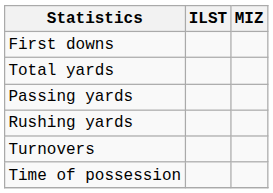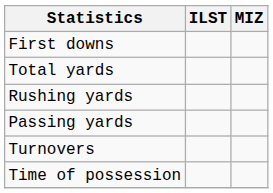 <table class="wikitable" style="float: left;">
 <tr>
 <th>Statistics</th>
 <th>ILST</th>
 <th>MIZ</th>
 </tr>
 <tr>
 <td>First downs</td>
 <td></td>
 <td></td>
 </tr>
 <tr>
 <td>Total yards</td>
 <td></td>
 <td></td>
 </tr>
 <tr>
-<td>Passing yards</td>
+<td>Rushing yards</td>
 <td></td>
 <td></td>
 </tr>
 <tr>
-<td>Rushing yards</td>
+<td>Passing yards</td>
 <td></td>
 <td></td>
 </tr>
 <tr>
 <td>Turnovers</td>
 <td></td>
 <td></td>
 </tr>
 <tr>
 <td>Time of possession</td>
 <td></td>
 <td></td>
 </tr>
 <tr>
 </tr>
 </table>
